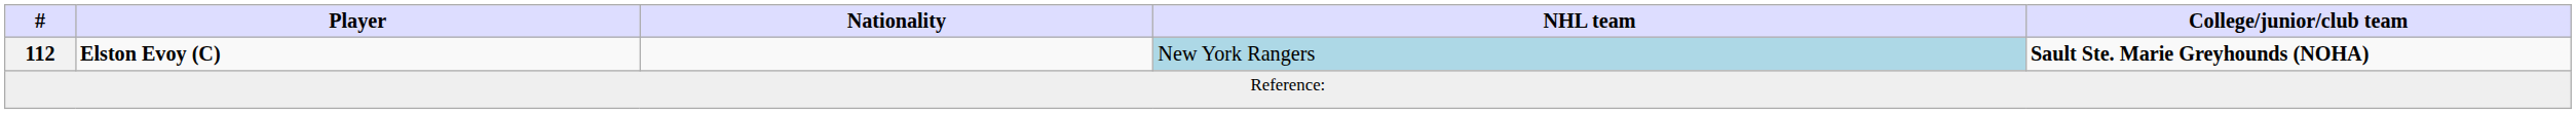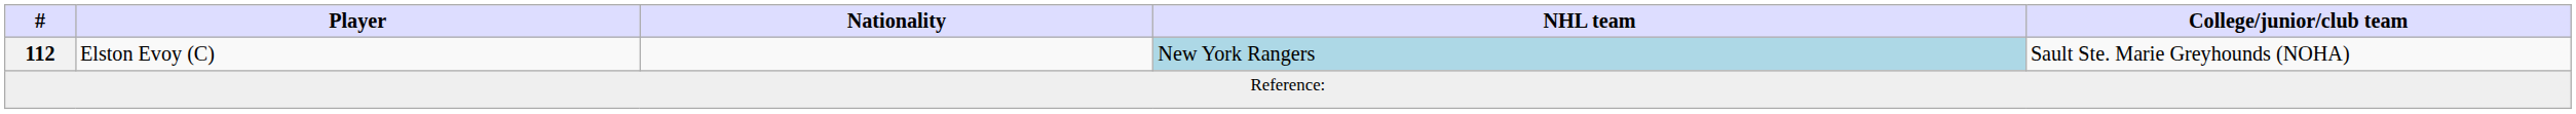 <table class="wikitable" style="width: 100%">
 <tr>
 <th style="background:#ddf; width:2.75%;">#</th>
 <th style="background:#ddf; width:22.0%;">Player</th>
 <th style="background:#ddf; width:20.0%;">Nationality</th>
 <th style="background:#ddf; width:34.0%;">NHL team</th>
 <th style="background:#ddf; width:100.0%;">College/junior/club team</th>
 </tr>
 <tr>
 <th>112</th>
-<td><strong>Elston Evoy (C)</strong></td>
+<td>Elston Evoy (C)</td>
 <td></td>
 <td style="background: lightblue;">New York Rangers</td>
-<td><strong>Sault Ste. Marie Greyhounds (NOHA)</strong></td>
+<td>Sault Ste. Marie Greyhounds (NOHA)</td>
 </tr>
 <tr>
 <td align=center colspan="6" bgcolor="#efefef"><sup>Reference: </sup></td>
 </tr>
 </table>
